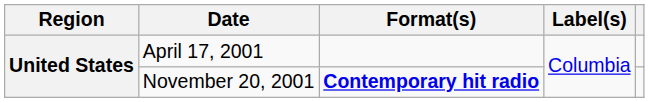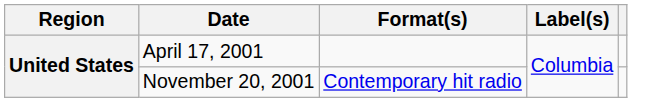 <table class="wikitable plainrowheaders">
 <tr>
 <th scope="col">Region</th>
 <th scope="col">Date</th>
 <th scope="col">Format(s)</th>
 <th scope="col">Label(s)</th>
 <th scope="col"></th>
 </tr>
 <tr>
 <th scope="row" rowspan="2">United States</th>
 <td>April 17, 2001</td>
 <td></td>
 <td rowspan="2"><a href='#'>Columbia</a></td>
 <td></td>
 </tr>
 <tr>
 <td>November 20, 2001</td>
-<td><strong><a href='#'>Contemporary hit radio</a></strong></td>
+<td><a href='#'>Contemporary hit radio</a></td>
 <td></td>
 </tr>
 </table>
